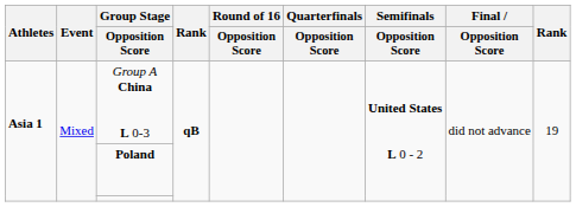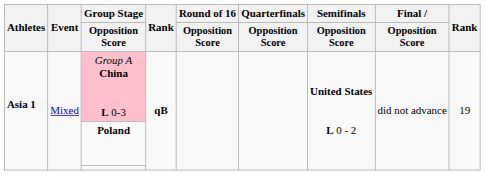 <table class=wikitable style="font-size:90%">
 <tr>
 <th rowspan="2">Athletes</th>
 <th rowspan="2">Event</th>
 <th>Group Stage</th>
 <th rowspan="2">Rank</th>
 <th>Round of 16</th>
 <th>Quarterfinals</th>
 <th>Semifinals</th>
 <th>Final / </th>
 <th rowspan=2>Rank</th>
 </tr>
 <tr style="font-size:95%">
 <th>Opposition<br>Score</th>
 <th>Opposition<br>Score</th>
 <th>Opposition<br>Score</th>
 <th>Opposition<br>Score</th>
 <th>Opposition<br>Score</th>
 </tr>
 <tr align=center>
 <td align=left rowspan=3><strong>Asia 1</strong><br><br></td>
 <td align=left rowspan=3><a href='#'>Mixed</a></td>
-<td><em>Group A</em><br><strong>China</strong><br><br><br><strong>L</strong> 0-3</td>
+<td style="background: pink;"><em>Group A</em><br><strong>China</strong><br><br><br><strong>L</strong> 0-3</td>
 <td rowspan=3><strong>qB</strong></td>
 <td rowspan=3></td>
 <td rowspan=3></td>
 <td rowspan=3><strong>United States</strong><br><br><br><strong>L</strong> 0 - 2</td>
 <td rowspan=3>did not advance</td>
 <td rowspan=3>19</td>
 </tr>
 <tr align=center>
 <td><strong>Poland</strong><br><br><br></td>
 </tr>
 <tr align=center>
 <td></td>
 </tr>
 </table>
